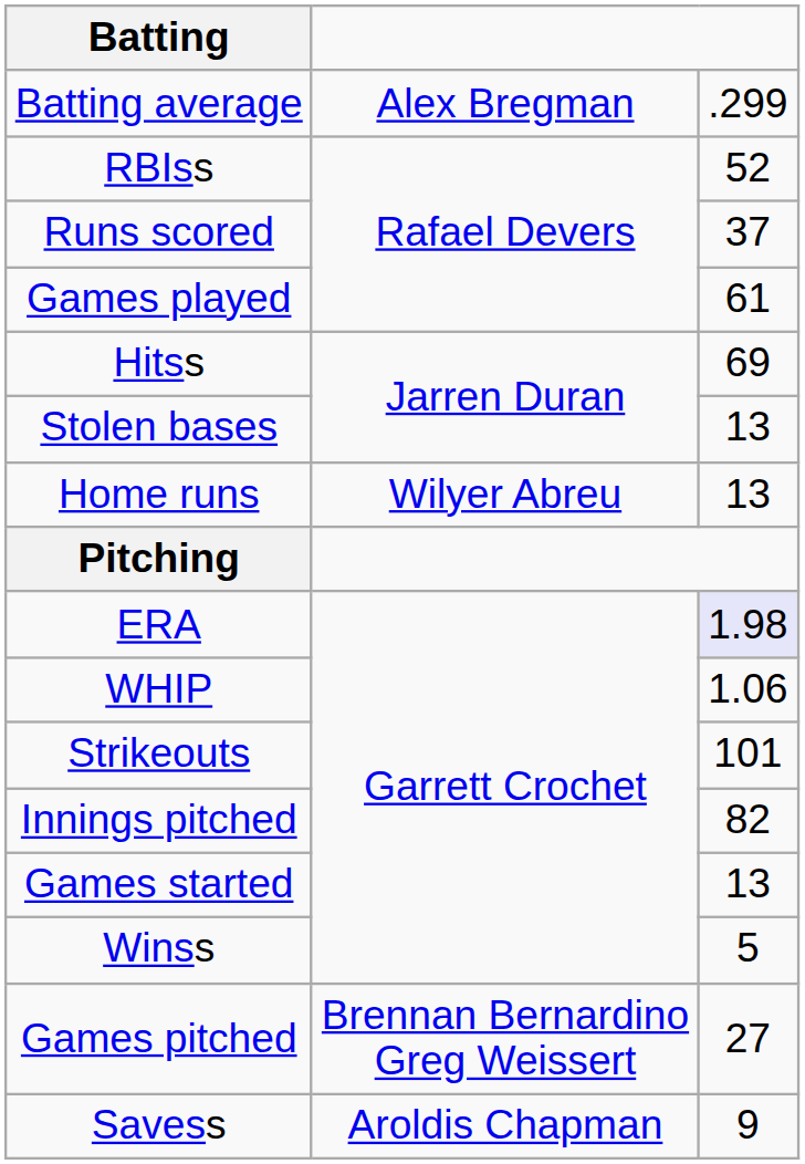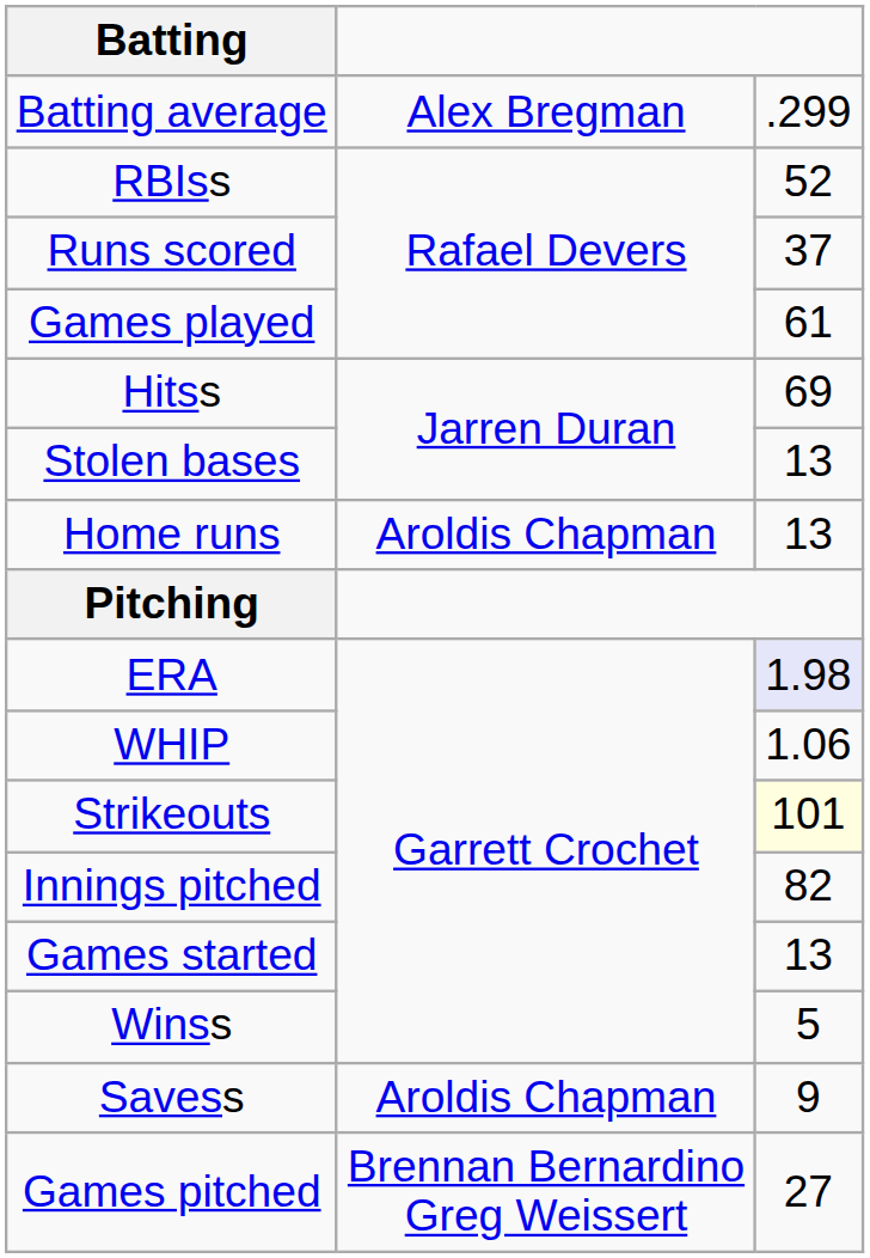 <table class="wikitable" style="text-align:center; font-size: 100%;">
 <tr>
 <th>Batting</th>
 </tr>
 <tr>
 <td><a href='#'>Batting average</a></td>
 <td><a href='#'>Alex Bregman</a></td>
 <td>.299</td>
 </tr>
 <tr>
 <td><a href='#'>RBIs</a>s</td>
 <td rowspan=3><a href='#'>Rafael Devers</a></td>
 <td>52</td>
 </tr>
 <tr>
 <td><a href='#'>Runs scored</a></td>
 <td>37</td>
 </tr>
 <tr>
 <td><a href='#'>Games played</a></td>
 <td>61</td>
 </tr>
 <tr>
 <td><a href='#'>Hits</a>s</td>
 <td rowspan=2><a href='#'>Jarren Duran</a></td>
 <td>69</td>
 </tr>
 <tr>
 <td><a href='#'>Stolen bases</a></td>
 <td>13</td>
 </tr>
 <tr>
 <td><a href='#'>Home runs</a></td>
-<td><a href='#'>Wilyer Abreu</a></td>
+<td><a href='#'>Aroldis Chapman</a></td>
 <td>13</td>
 </tr>
 <tr>
 <th>Pitching</th>
 </tr>
 <tr>
 <td><a href='#'>ERA</a></td>
 <td rowspan=6><a href='#'>Garrett Crochet</a></td>
 <td style="background: lavender;">1.98</td>
 </tr>
 <tr>
 <td><a href='#'>WHIP</a></td>
 <td>1.06</td>
 </tr>
 <tr>
 <td><a href='#'>Strikeouts</a></td>
-<td>101</td>
+<td style="background: lightyellow;">101</td>
 </tr>
 <tr>
 <td><a href='#'>Innings pitched</a></td>
 <td>82</td>
 </tr>
 <tr>
 <td><a href='#'>Games started</a></td>
 <td>13</td>
 </tr>
 <tr>
 <td><a href='#'>Wins</a>s</td>
 <td>5</td>
 </tr>
 <tr>
+<td><a href='#'>Saves</a>s</td>
+<td><a href='#'>Aroldis Chapman</a></td>
+<td>9</td>
+</tr>
+<tr>
 <td><a href='#'>Games pitched</a></td>
 <td><a href='#'>Brennan Bernardino</a><br><a href='#'>Greg Weissert</a></td>
 <td>27</td>
 </tr>
-<tr>
-<td><a href='#'>Saves</a>s</td>
-<td><a href='#'>Aroldis Chapman</a></td>
-<td>9</td>
-</tr>
 </table>
